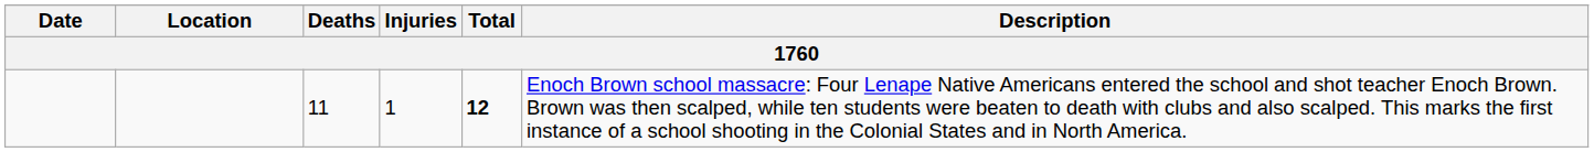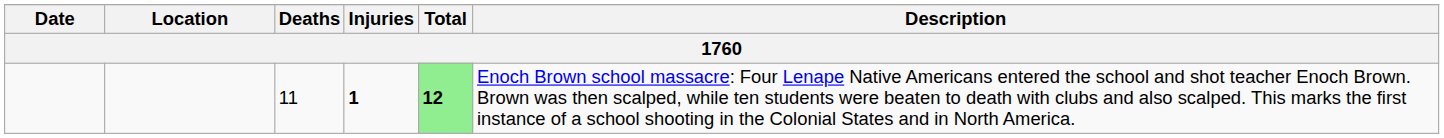 <table class="sortable wikitable" style="font-size:100%;" id="1760s">
 <tr>
 </tr>
 <tr>
 <th style="width:80px;">Date</th>
 <th style="width:140px;">Location</th>
 <th style="width:40px;">Deaths</th>
 <th style="width:40px;">Injuries</th>
 <th style="width:40px;">Total</th>
 <th class="unsortable">Description</th>
 </tr>
 <tr>
 <th colspan="6">1760 </th>
 </tr>
 <tr>
 <td></td>
 <td></td>
 <td>11</td>
-<td>1</td>
-<td><strong>12</strong></td>
+<td><strong>1</strong></td>
+<td style="background: lightgreen;"><strong>12</strong></td>
 <td><a href='#'>Enoch Brown school massacre</a>: Four <a href='#'>Lenape</a> Native Americans entered the school and shot teacher Enoch Brown. Brown was then scalped, while ten students were beaten to death with clubs and also scalped. This marks the first instance of a school shooting in the Colonial States and in North America.</td>
 </tr>
 </table>
